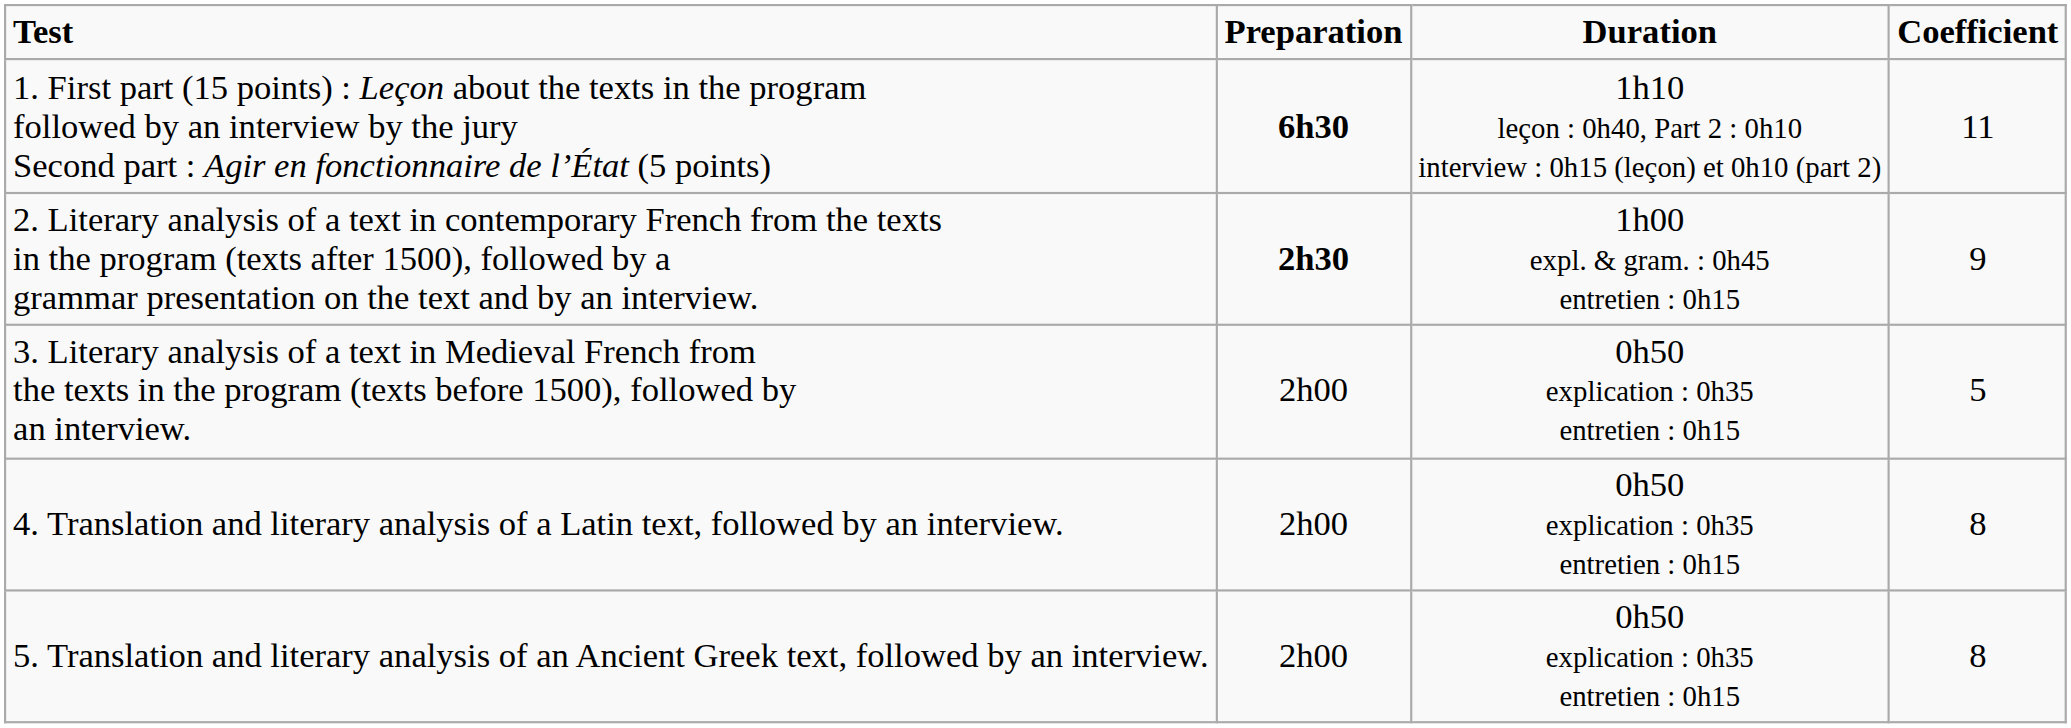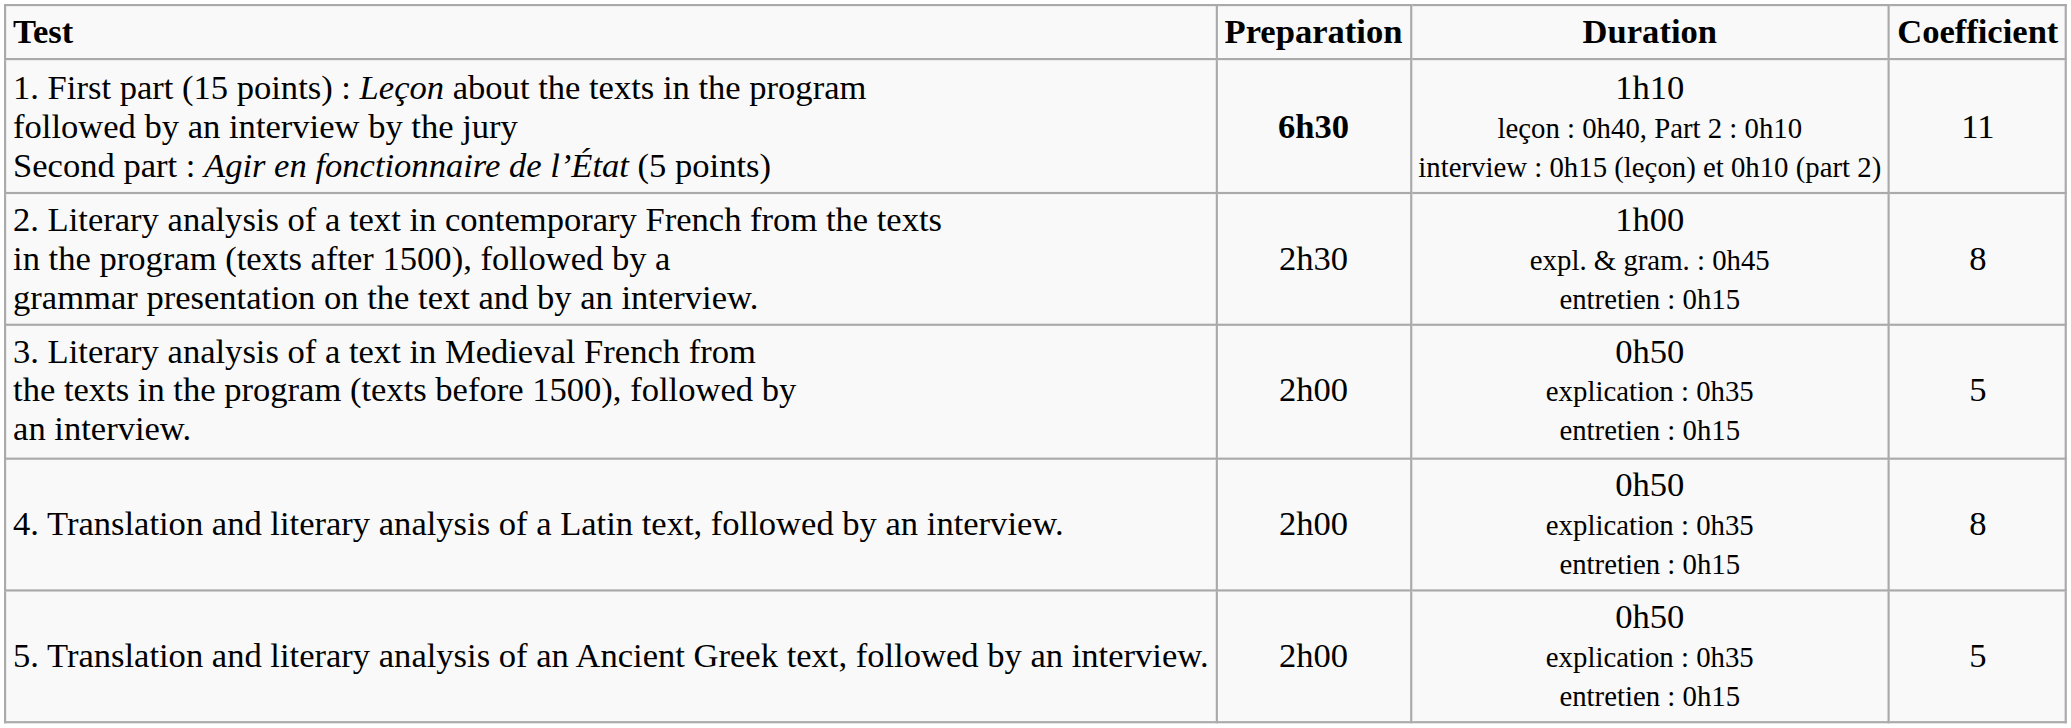 <table class="wikitable" font-size=90%>
 <tr>
 <td><strong>Test</strong></td>
 <td align="center"><strong>Preparation</strong></td>
 <td align="center"><strong>Duration</strong></td>
 <td align="center"><strong>Coefficient</strong></td>
 </tr>
 <tr>
 <td>1. First part (15 points) : <em>Leçon</em> about the texts in the program<br>followed by an interview by the jury<br>Second part : <em>Agir en fonctionnaire de l’État</em> (5 points)</td>
 <td align="center"><strong>6h30</strong></td>
 <td align="center">1h10<br><small>leçon : 0h40, Part 2 : 0h10<br>interview : 0h15 (leçon) et 0h10 (part 2)</small></td>
 <td align="center">11</td>
 </tr>
 <tr>
 <td>2. Literary analysis of a text in contemporary French from the texts<br>in the program (texts after 1500), followed by a <br> grammar presentation on the text and by an interview.</td>
-<td align="center"><strong>2h30</strong></td>
+<td align="center">2h30</td>
 <td align="center">1h00<br><small>expl. & gram. : 0h45<br>entretien : 0h15</small></td>
-<td align="center">9</td>
+<td align="center">8</td>
 </tr>
 <tr>
 <td>3. Literary analysis of a text in Medieval French from<br>the texts in the program (texts before 1500), followed by<br>an interview.</td>
 <td align="center">2h00</td>
 <td align="center">0h50<br><small>explication : 0h35<br>entretien : 0h15</small></td>
 <td align="center">5</td>
 </tr>
 <tr>
 <td>4. Translation and literary analysis of a Latin text, followed by an interview.</td>
 <td align="center">2h00</td>
 <td align="center">0h50<br><small>explication : 0h35<br>entretien : 0h15</small></td>
 <td align="center">8</td>
 </tr>
 <tr>
 <td>5. Translation and literary analysis of an Ancient Greek text, followed by an interview.</td>
 <td align="center">2h00</td>
 <td align="center">0h50<br><small>explication : 0h35<br>entretien : 0h15</small></td>
-<td align="center">8</td>
+<td align="center">5</td>
 </tr>
 </table>
